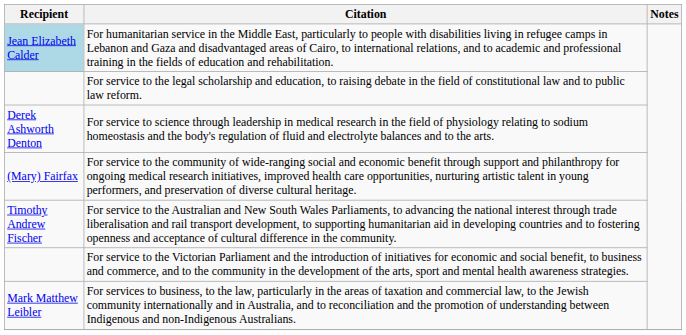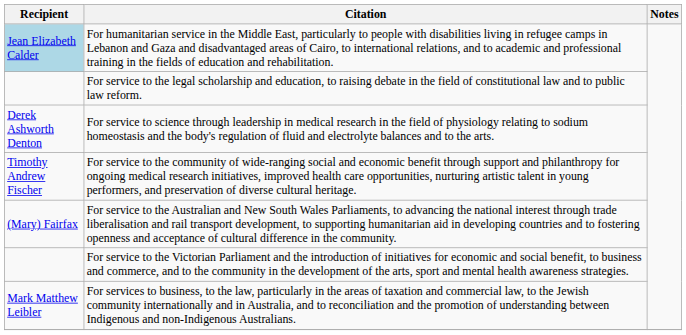 <table class="wikitable" style="font-size:95%;">
 <tr>
 <th>Recipient</th>
 <th>Citation</th>
 <th>Notes</th>
 </tr>
 <tr>
 <td style="background: lightblue;"> <a href='#'>Jean Elizabeth Calder</a></td>
 <td>For humanitarian service in the Middle East, particularly to people with disabilities living in refugee camps in Lebanon and Gaza and disadvantaged areas of Cairo, to international relations, and to academic and professional training in the fields of education and rehabilitation.</td>
 <td rowspan=7></td>
 </tr>
 <tr>
 <td></td>
 <td>For service to the legal scholarship and education, to raising debate in the field of constitutional law and to public law reform.</td>
 </tr>
 <tr>
 <td> <a href='#'>Derek Ashworth Denton</a></td>
 <td>For service to science through leadership in medical research in the field of physiology relating to sodium homeostasis and the body's regulation of fluid and electrolyte balances and to the arts.</td>
 </tr>
 <tr>
-<td><a href='#'> (Mary) Fairfax</a> </td>
+<td> <a href='#'>Timothy Andrew Fischer</a></td>
 <td>For service to the community of wide-ranging social and economic benefit through support and philanthropy for ongoing medical research initiatives, improved health care opportunities, nurturing artistic talent in young performers, and preservation of diverse cultural heritage.</td>
 </tr>
 <tr>
-<td> <a href='#'>Timothy Andrew Fischer</a></td>
+<td><a href='#'> (Mary) Fairfax</a> </td>
 <td>For service to the Australian and New South Wales Parliaments, to advancing the national interest through trade liberalisation and rail transport development, to supporting humanitarian aid in developing countries and to fostering openness and acceptance of cultural difference in the community.</td>
 </tr>
 <tr>
 <td></td>
 <td>For service to the Victorian Parliament and the introduction of initiatives for economic and social benefit, to business and commerce, and to the community in the development of the arts, sport and mental health awareness strategies.</td>
 </tr>
 <tr>
 <td><a href='#'>Mark Matthew Leibler</a> </td>
 <td>For services to business, to the law, particularly in the areas of taxation and commercial law, to the Jewish community internationally and in Australia, and to reconciliation and the promotion of understanding between Indigenous and non-Indigenous Australians.</td>
 </tr>
 <tr>
 </tr>
 </table>
